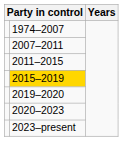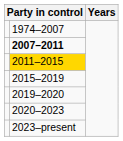 <table class="wikitable">
 <tr>
 <th colspan="2">Party in control</th>
 <th>Years</th>
 </tr>
 <tr>
 <td></td>
 <td>1974–2007</td>
 </tr>
 <tr>
 <td></td>
-<td>2007–2011</td>
+<td><strong>2007–2011</strong></td>
 </tr>
 <tr>
 <td></td>
-<td>2011–2015</td>
+<td style="background: gold;">2011–2015</td>
 </tr>
 <tr>
 <td></td>
-<td style="background: gold;">2015–2019</td>
+<td>2015–2019</td>
 </tr>
 <tr>
 <td></td>
 <td>2019–2020</td>
 </tr>
 <tr>
 <td></td>
 <td>2020–2023</td>
 </tr>
 <tr>
 <td></td>
 <td>2023–present</td>
 </tr>
 </table>
